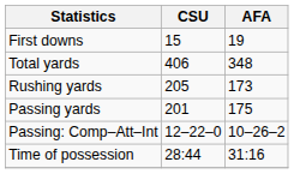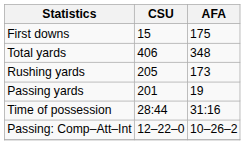 <table class="wikitable" style="float: left;">
 <tr>
 <th>Statistics</th>
 <th>CSU</th>
 <th>AFA</th>
 </tr>
 <tr>
 <td>First downs</td>
 <td>15</td>
-<td>19</td>
+<td>175</td>
 </tr>
 <tr>
 <td>Total yards</td>
 <td>406</td>
 <td>348</td>
 </tr>
 <tr>
 <td>Rushing yards</td>
 <td>205</td>
 <td>173</td>
 </tr>
 <tr>
 <td>Passing yards</td>
 <td>201</td>
-<td>175</td>
+<td>19</td>
+</tr>
+<tr>
+<td>Time of possession</td>
+<td>28:44</td>
+<td>31:16</td>
 </tr>
 <tr>
 <td>Passing: Comp–Att–Int</td>
 <td>12–22–0</td>
 <td>10–26–2</td>
 </tr>
 <tr>
-<td>Time of possession</td>
-<td>28:44</td>
-<td>31:16</td>
-</tr>
-<tr>
 </tr>
 </table>
